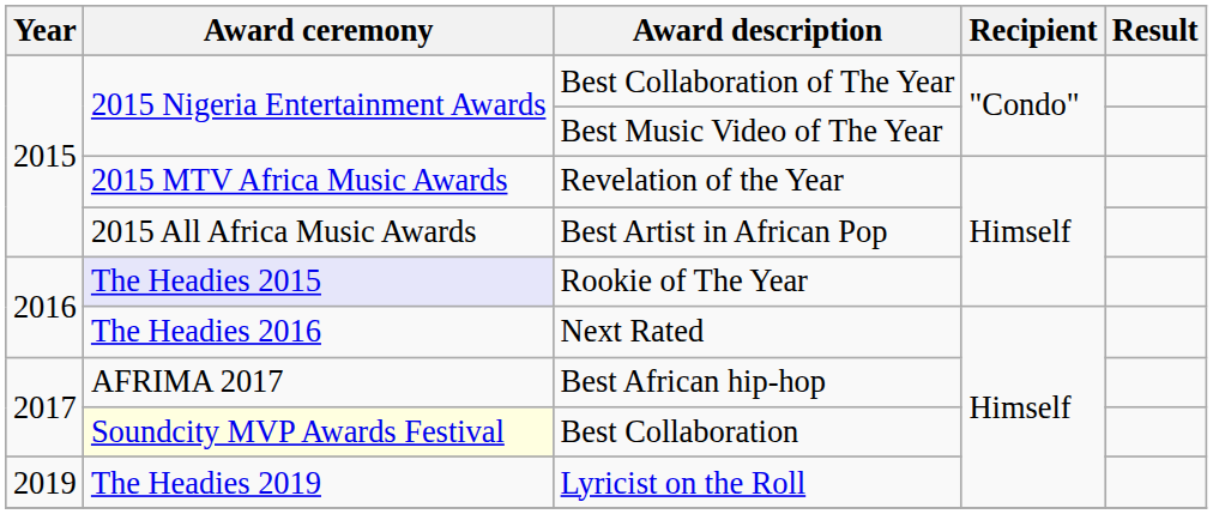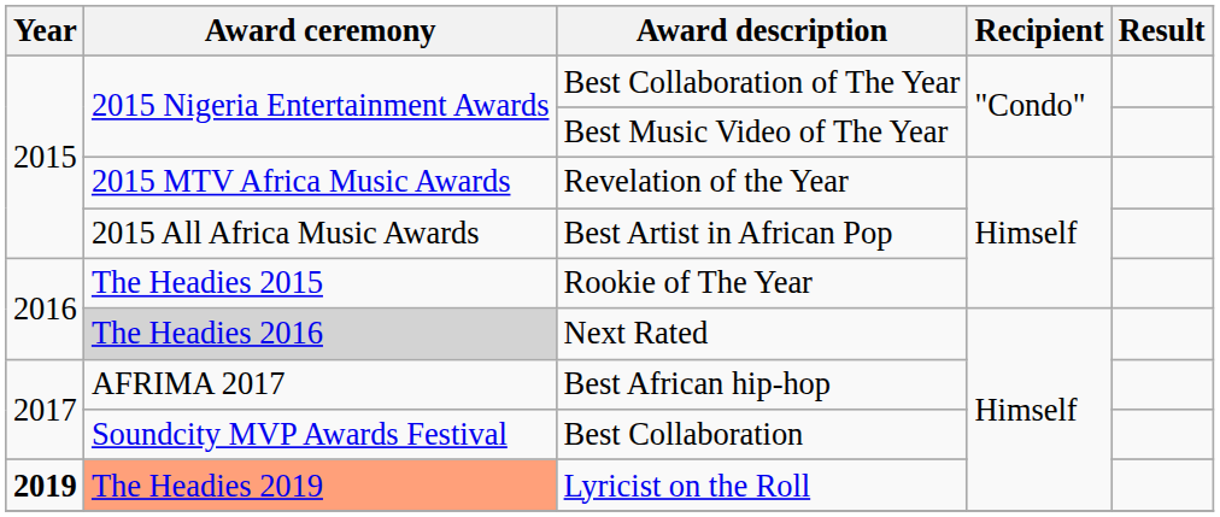 <table class ="wikitable">
 <tr>
 <th>Year</th>
 <th>Award ceremony</th>
 <th>Award description</th>
 <th>Recipient</th>
 <th>Result</th>
 </tr>
 <tr>
 <td rowspan="4">2015</td>
 <td rowspan="2"><a href='#'>2015 Nigeria Entertainment Awards</a></td>
 <td>Best Collaboration of The Year</td>
 <td rowspan="2">"Condo"</td>
 <td></td>
 </tr>
 <tr>
 <td>Best Music Video of The Year</td>
 <td></td>
 </tr>
 <tr>
 <td><a href='#'>2015 MTV Africa Music Awards</a></td>
 <td>Revelation of the Year</td>
 <td rowspan="3">Himself</td>
 <td></td>
 </tr>
 <tr>
 <td>2015 All Africa Music Awards</td>
 <td>Best Artist in African Pop</td>
 <td></td>
 </tr>
 <tr>
 <td rowspan="2">2016</td>
-<td style="background: lavender;"><a href='#'>The Headies 2015</a></td>
+<td><a href='#'>The Headies 2015</a></td>
 <td>Rookie of The Year</td>
 <td></td>
 </tr>
 <tr>
-<td><a href='#'>The Headies 2016</a></td>
+<td style="background: lightgrey;"><a href='#'>The Headies 2016</a></td>
 <td>Next Rated</td>
 <td rowspan="4">Himself</td>
 <td></td>
 </tr>
 <tr>
 <td rowspan="2">2017</td>
 <td>AFRIMA 2017</td>
 <td>Best African hip-hop</td>
 <td></td>
 </tr>
 <tr>
-<td style="background: lightyellow;"><a href='#'>Soundcity MVP Awards Festival</a></td>
+<td><a href='#'>Soundcity MVP Awards Festival</a></td>
 <td>Best Collaboration</td>
 <td></td>
 </tr>
 <tr>
-<td>2019</td>
-<td><a href='#'>The Headies 2019</a></td>
+<td><strong>2019</strong></td>
+<td style="background: lightsalmon;"><a href='#'>The Headies 2019</a></td>
 <td><a href='#'>Lyricist on the Roll</a></td>
 <td></td>
 </tr>
 <tr>
 </tr>
 </table>
